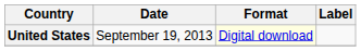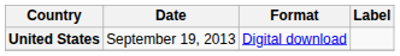 <table class="wikitable plainrowheaders">
 <tr>
 <th scope="col">Country</th>
 <th scope="col">Date</th>
 <th scope="col">Format</th>
 <th scope="col">Label</th>
 </tr>
 <tr>
 <th scope="row">United States</th>
 <td>September 19, 2013</td>
-<td style="background: lightyellow;"><a href='#'>Digital download</a></td>
+<td><a href='#'>Digital download</a></td>
 <td></td>
 </tr>
 <tr>
 </tr>
 </table>
